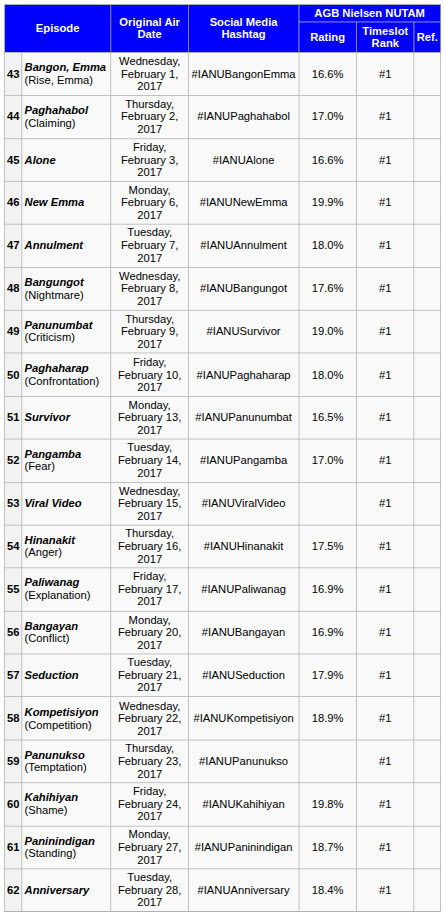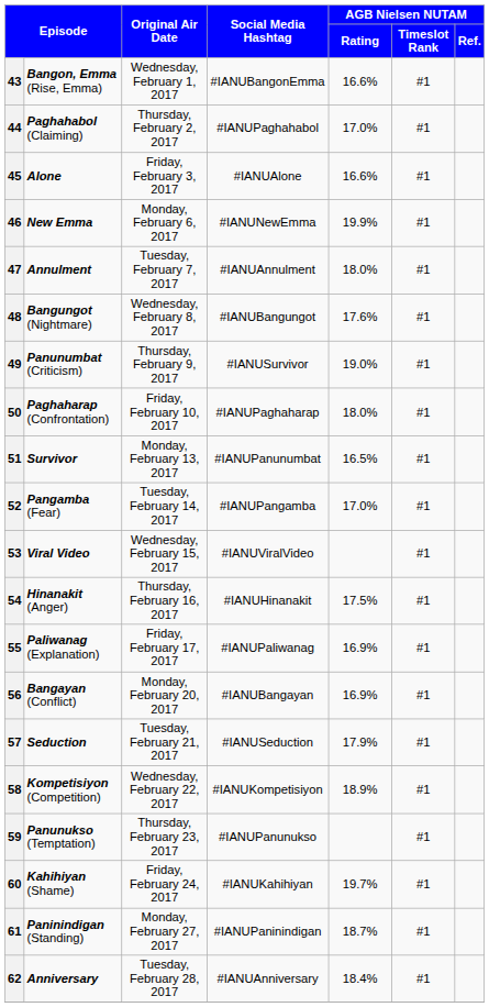 <table class="wikitable" style="text-align:center; font-size:100%; line-height:18px;"  width="100%">
 <tr>
 <th colspan="2" rowspan="2" style="background-color:#0000FF; color:#ffffff;">Episode</th>
 <th style="background:#0000FF; color:white" rowspan="2">Original Air Date</th>
 <th style="background:#0000FF; color:white" rowspan="2">Social Media Hashtag</th>
 <th style="background-color:#0000FF; color:#ffffff;" colspan="3">AGB Nielsen NUTAM</th>
 </tr>
 <tr>
 <th style="background-color:#0000FF; width:75px; color:#ffffff;">Rating</th>
 <th style="background-color:#0000FF; width:75px; color:#ffffff;">Timeslot<br>Rank</th>
 <th style="background-color:#0000FF; color:#ffffff;">Ref.</th>
 </tr>
 <tr>
 <th>43</th>
 <td style="text-align: left;"><strong><em>Bangon, Emma</em></strong> (Rise, Emma)</td>
 <td>Wednesday, February 1, 2017</td>
 <td>#IANUBangonEmma</td>
 <td>16.6%</td>
 <td>#1</td>
 <td></td>
 </tr>
 <tr>
 <th>44</th>
 <td style="text-align: left;"><strong><em>Paghahabol</em></strong> (Claiming)</td>
 <td>Thursday, February 2, 2017</td>
 <td>#IANUPaghahabol</td>
 <td>17.0%</td>
 <td>#1</td>
 <td></td>
 </tr>
 <tr>
 <th>45</th>
 <td style="text-align: left;"><strong><em>Alone</em></strong></td>
 <td>Friday, February 3, 2017</td>
 <td>#IANUAlone</td>
 <td>16.6%</td>
 <td>#1</td>
 <td></td>
 </tr>
 <tr>
 <th>46</th>
 <td style="text-align: left;"><strong><em>New Emma</em></strong></td>
 <td>Monday, February 6, 2017</td>
 <td>#IANUNewEmma</td>
 <td>19.9%</td>
 <td>#1</td>
 <td></td>
 </tr>
 <tr>
 <th>47</th>
 <td style="text-align: left;"><strong><em>Annulment</em></strong></td>
 <td>Tuesday, February 7, 2017</td>
 <td>#IANUAnnulment</td>
 <td>18.0%</td>
 <td>#1</td>
 <td></td>
 </tr>
 <tr>
 <th>48</th>
 <td style="text-align: left;"><strong><em>Bangungot</em></strong> (Nightmare)</td>
 <td>Wednesday, February 8, 2017</td>
 <td>#IANUBangungot</td>
 <td>17.6%</td>
 <td>#1</td>
 <td></td>
 </tr>
 <tr>
 <th>49</th>
 <td style="text-align: left;"><strong><em>Panunumbat</em></strong> (Criticism)</td>
 <td>Thursday, February 9, 2017</td>
 <td>#IANUSurvivor</td>
 <td>19.0%</td>
 <td>#1</td>
 <td></td>
 </tr>
 <tr>
 <th>50</th>
 <td style="text-align: left;"><strong><em>Paghaharap</em></strong> (Confrontation)</td>
 <td>Friday, February 10, 2017</td>
 <td>#IANUPaghaharap</td>
 <td>18.0%</td>
 <td>#1</td>
 <td></td>
 </tr>
 <tr>
 <th>51</th>
 <td style="text-align: left;"><strong><em>Survivor</em></strong></td>
 <td>Monday, February 13, 2017</td>
 <td>#IANUPanunumbat</td>
 <td>16.5%</td>
 <td>#1</td>
 <td></td>
 </tr>
 <tr>
 <th>52</th>
 <td style="text-align: left;"><strong><em>Pangamba</em></strong> (Fear)</td>
 <td>Tuesday, February 14, 2017</td>
 <td>#IANUPangamba</td>
 <td>17.0%</td>
 <td>#1</td>
 <td></td>
 </tr>
 <tr>
 <th>53</th>
 <td style="text-align: left;"><strong><em>Viral Video</em></strong></td>
 <td>Wednesday, February 15, 2017</td>
 <td>#IANUViralVideo</td>
 <td></td>
 <td>#1</td>
 <td></td>
 </tr>
 <tr>
 <th>54</th>
 <td style="text-align: left;"><strong><em>Hinanakit</em></strong> (Anger)</td>
 <td>Thursday, February 16, 2017</td>
 <td>#IANUHinanakit</td>
 <td>17.5%</td>
 <td>#1</td>
 <td></td>
 </tr>
 <tr>
 <th>55</th>
 <td style="text-align: left;"><strong><em>Paliwanag</em></strong> (Explanation)</td>
 <td>Friday, February 17, 2017</td>
 <td>#IANUPaliwanag</td>
 <td>16.9%</td>
 <td>#1</td>
 <td></td>
 </tr>
 <tr>
 <th>56</th>
 <td style="text-align: left;"><strong><em>Bangayan</em></strong> (Conflict)</td>
 <td>Monday, February 20, 2017</td>
 <td>#IANUBangayan</td>
 <td>16.9%</td>
 <td>#1</td>
 <td></td>
 </tr>
 <tr>
 <th>57</th>
 <td style="text-align: left;"><strong><em>Seduction</em></strong></td>
 <td>Tuesday, February 21, 2017</td>
 <td>#IANUSeduction</td>
 <td>17.9%</td>
 <td>#1</td>
 <td></td>
 </tr>
 <tr>
 <th>58</th>
 <td style="text-align: left;"><strong><em>Kompetisiyon</em></strong> (Competition)</td>
 <td>Wednesday, February 22, 2017</td>
 <td>#IANUKompetisiyon</td>
 <td>18.9%</td>
 <td>#1</td>
 <td></td>
 </tr>
 <tr>
 <th>59</th>
 <td style="text-align: left;"><strong><em>Panunukso</em></strong> (Temptation)</td>
 <td>Thursday, February 23, 2017</td>
 <td>#IANUPanunukso</td>
 <td></td>
 <td>#1</td>
 <td></td>
 </tr>
 <tr>
 <th>60</th>
 <td style="text-align: left;"><strong><em>Kahihiyan</em></strong> (Shame)</td>
 <td>Friday, February 24, 2017</td>
 <td>#IANUKahihiyan</td>
-<td>19.8%</td>
+<td>19.7%</td>
 <td>#1</td>
 <td></td>
 </tr>
 <tr>
 <th>61</th>
 <td style="text-align: left;"><strong><em>Paninindigan</em></strong> (Standing)</td>
 <td>Monday, February 27, 2017</td>
 <td>#IANUPaninindigan</td>
 <td>18.7%</td>
 <td>#1</td>
 <td></td>
 </tr>
 <tr>
 <th>62</th>
 <td style="text-align: left;"><strong><em>Anniversary</em></strong></td>
 <td>Tuesday, February 28, 2017</td>
 <td>#IANUAnniversary</td>
 <td>18.4%</td>
 <td>#1</td>
 <td></td>
 </tr>
 <tr>
 </tr>
 </table>
